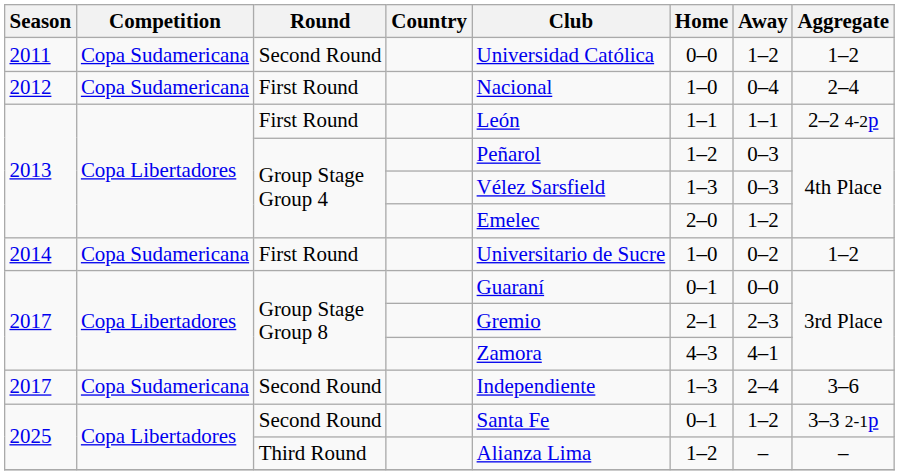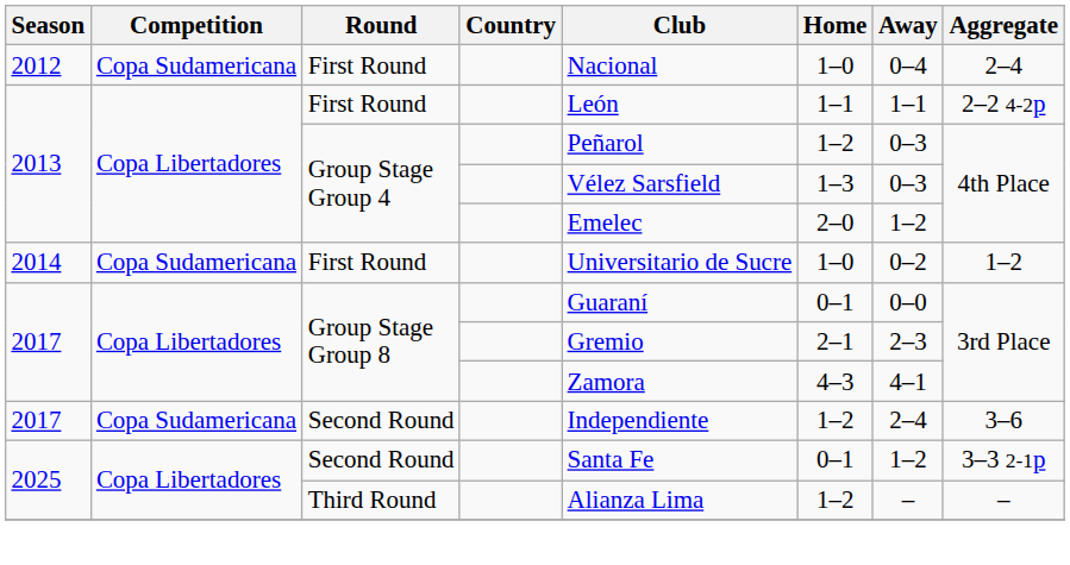 <table class="wikitable" style="text-align:left;">
 <tr>
 <th>Season</th>
 <th>Competition</th>
 <th>Round</th>
 <th>Country</th>
 <th>Club</th>
 <th>Home</th>
 <th>Away</th>
 <th>Aggregate</th>
-</tr>
-<tr>
-<td><a href='#'>2011</a></td>
-<td><a href='#'>Copa Sudamericana</a></td>
-<td>Second Round</td>
-<td></td>
-<td><a href='#'>Universidad Católica</a></td>
-<td style="text-align:center;">0–0</td>
-<td style="text-align:center;">1–2</td>
-<td style="text-align:center;">1–2</td>
 </tr>
 <tr>
 <td><a href='#'>2012</a></td>
 <td><a href='#'>Copa Sudamericana</a></td>
 <td>First Round</td>
 <td></td>
 <td><a href='#'>Nacional</a></td>
 <td style="text-align:center;">1–0</td>
 <td style="text-align:center;">0–4</td>
 <td style="text-align:center;">2–4</td>
 </tr>
 <tr>
 <td rowspan="4"><a href='#'>2013</a></td>
 <td rowspan="4"><a href='#'>Copa Libertadores</a></td>
 <td>First Round</td>
 <td></td>
 <td><a href='#'>León</a></td>
 <td style="text-align:center;">1–1</td>
 <td style="text-align:center;">1–1</td>
 <td style="text-align:center;">2–2 <small>4-2</small><a href='#'>p</a></td>
 </tr>
 <tr>
 <td rowspan="3">Group Stage<br>Group 4</td>
 <td></td>
 <td><a href='#'>Peñarol</a></td>
 <td style="text-align:center;">1–2</td>
 <td style="text-align:center;">0–3</td>
 <td style="text-align:center;" rowspan=3>4th Place</td>
 </tr>
 <tr>
 <td></td>
 <td><a href='#'>Vélez Sarsfield</a></td>
 <td style="text-align:center;">1–3</td>
 <td style="text-align:center;">0–3</td>
 </tr>
 <tr>
 <td></td>
 <td><a href='#'>Emelec</a></td>
 <td style="text-align:center;">2–0</td>
 <td style="text-align:center;">1–2</td>
 </tr>
 <tr>
 <td><a href='#'>2014</a></td>
 <td><a href='#'>Copa Sudamericana</a></td>
 <td>First Round</td>
 <td></td>
 <td><a href='#'>Universitario de Sucre</a></td>
 <td style="text-align:center;">1–0</td>
 <td style="text-align:center;">0–2</td>
 <td style="text-align:center;">1–2</td>
 </tr>
 <tr>
 <td rowspan="3"><a href='#'>2017</a></td>
 <td rowspan="3"><a href='#'>Copa Libertadores</a></td>
 <td rowspan="3">Group Stage<br>Group 8</td>
 <td></td>
 <td><a href='#'>Guaraní</a></td>
 <td style="text-align:center;">0–1</td>
 <td style="text-align:center;">0–0</td>
 <td style="text-align:center;" rowspan=3>3rd Place</td>
 </tr>
 <tr>
 <td></td>
 <td><a href='#'>Gremio</a></td>
 <td style="text-align:center;">2–1</td>
 <td style="text-align:center;">2–3</td>
 </tr>
 <tr>
 <td></td>
 <td><a href='#'>Zamora</a></td>
 <td style="text-align:center;">4–3</td>
 <td style="text-align:center;">4–1</td>
 </tr>
 <tr>
 <td><a href='#'>2017</a></td>
 <td><a href='#'>Copa Sudamericana</a></td>
 <td>Second Round</td>
 <td></td>
 <td><a href='#'>Independiente</a></td>
-<td style="text-align:center;">1–3</td>
+<td style="text-align:center;">1–2</td>
 <td style="text-align:center;">2–4</td>
 <td style="text-align:center;">3–6</td>
 </tr>
 <tr>
 <td rowspan="2"><a href='#'>2025</a></td>
 <td rowspan="2"><a href='#'>Copa Libertadores</a></td>
 <td>Second Round</td>
 <td></td>
 <td><a href='#'>Santa Fe</a></td>
 <td style="text-align:center;">0–1</td>
 <td style="text-align:center;">1–2</td>
 <td style="text-align:center;">3–3 <small>2-1</small><a href='#'>p</a></td>
 </tr>
 <tr>
 <td>Third Round</td>
 <td></td>
 <td><a href='#'>Alianza Lima</a></td>
 <td style="text-align:center;">1–2</td>
 <td style="text-align:center;">–</td>
 <td style="text-align:center;">–</td>
 </tr>
 <tr>
 </tr>
 </table>
